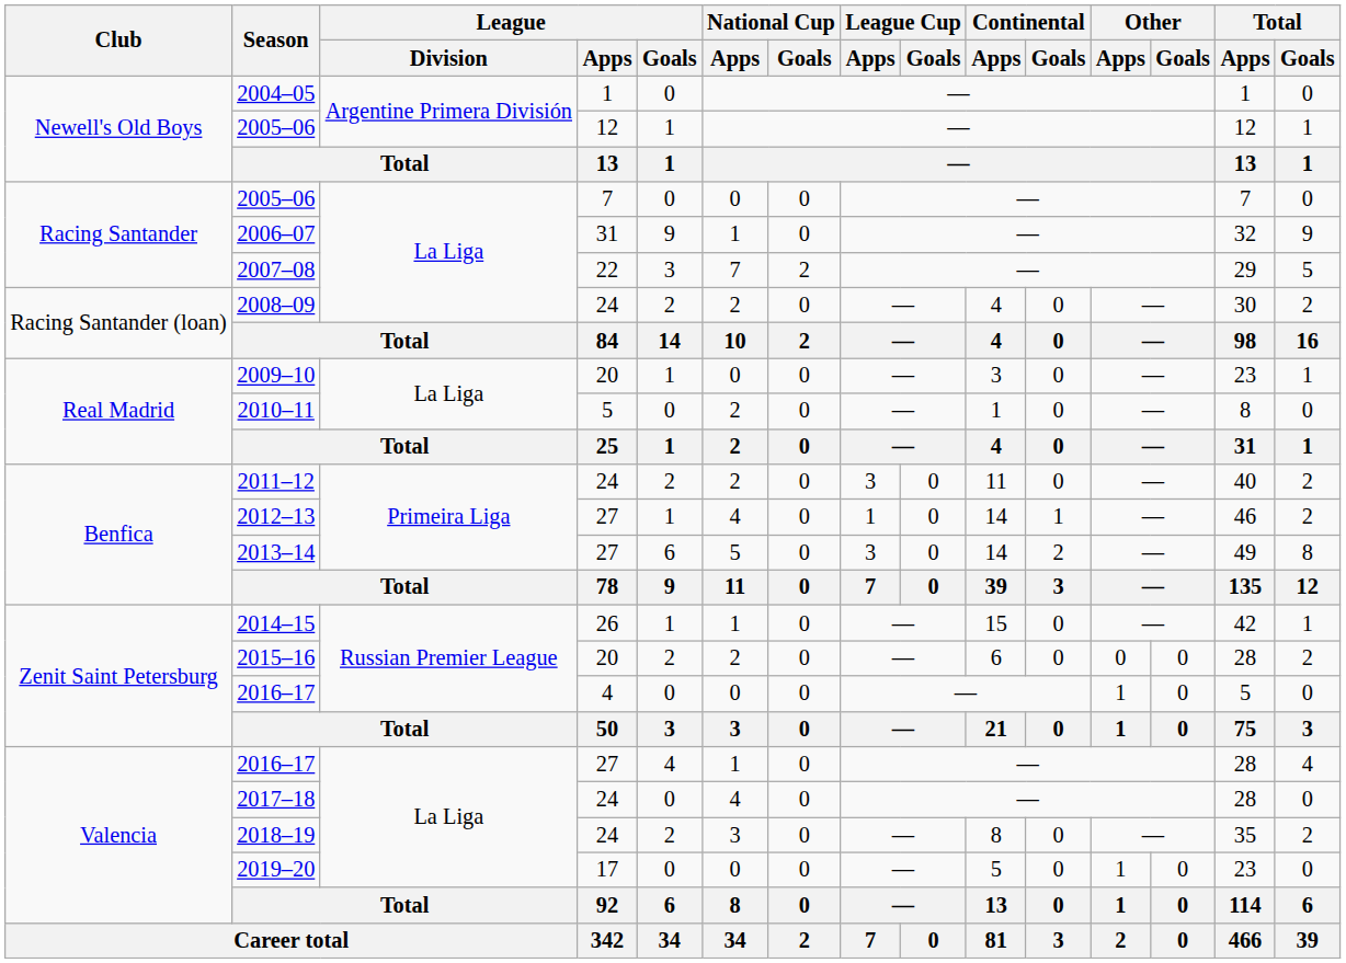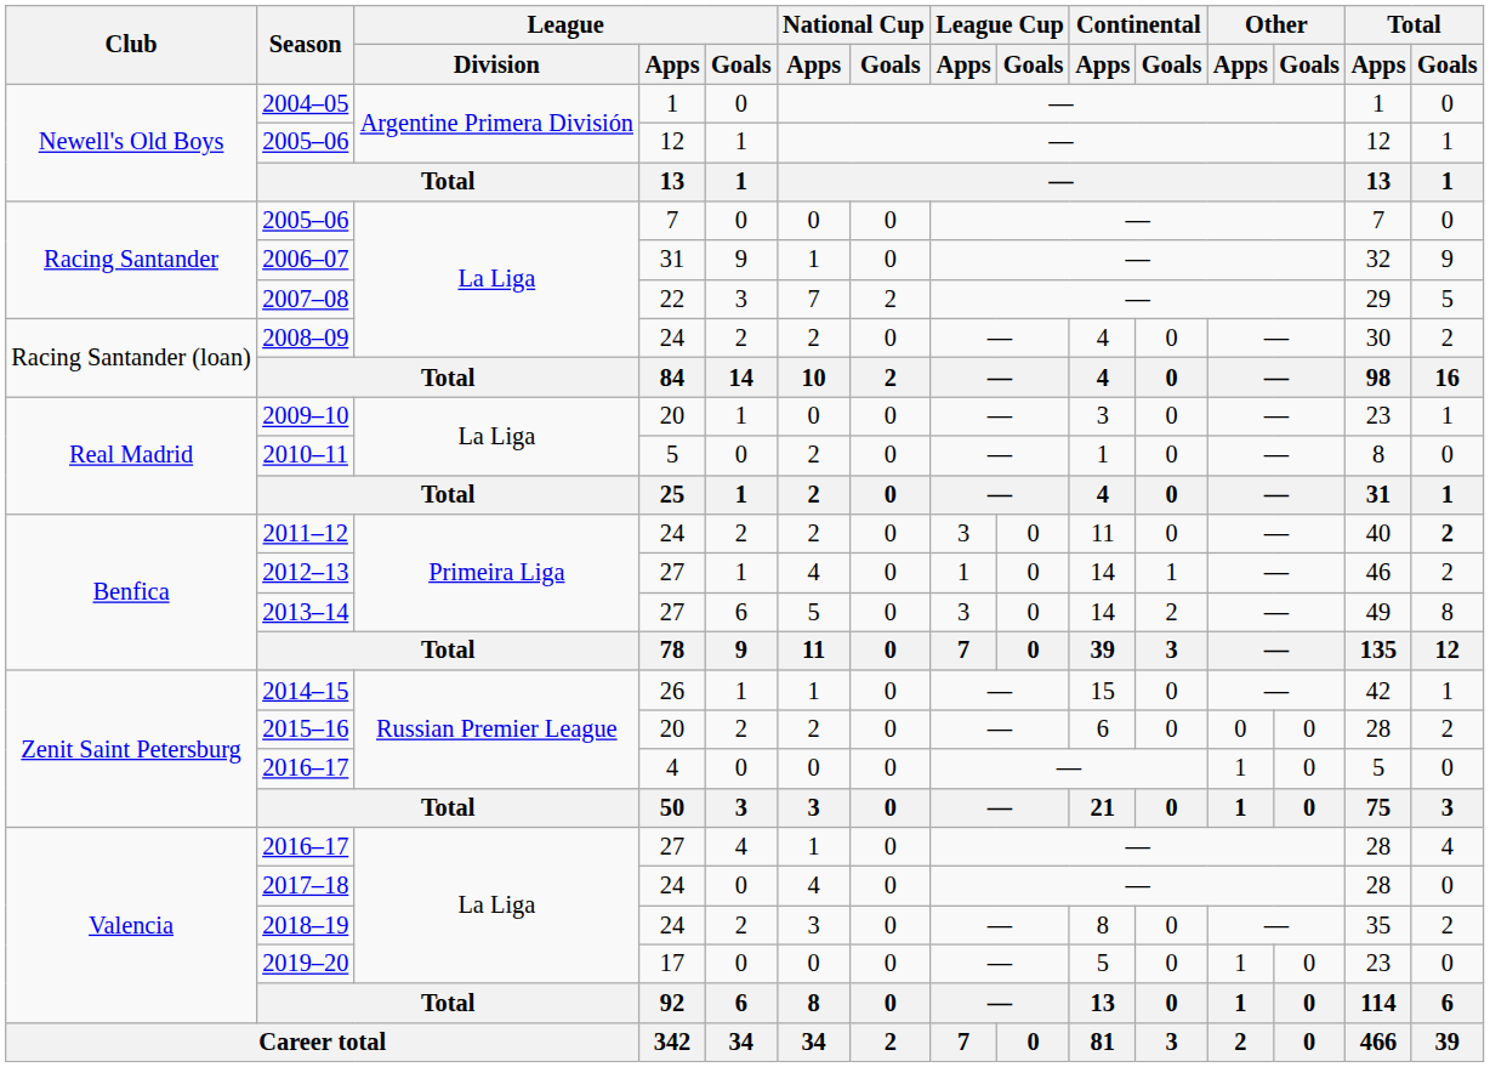 <table class="wikitable" style="text-align:center">
 <tr>
 <th rowspan="2">Club</th>
 <th rowspan="2">Season</th>
 <th colspan="3">League</th>
 <th colspan="2">National Cup</th>
 <th colspan="2">League Cup</th>
 <th colspan="2">Continental</th>
 <th colspan="2">Other</th>
 <th colspan="2">Total</th>
 </tr>
 <tr>
 <th>Division</th>
 <th>Apps</th>
 <th>Goals</th>
 <th>Apps</th>
 <th>Goals</th>
 <th>Apps</th>
 <th>Goals</th>
 <th>Apps</th>
 <th>Goals</th>
 <th>Apps</th>
 <th>Goals</th>
 <th>Apps</th>
 <th>Goals</th>
 </tr>
 <tr>
 <td rowspan="3"><a href='#'>Newell's Old Boys</a></td>
 <td><a href='#'>2004–05</a></td>
 <td rowspan="2"><a href='#'>Argentine Primera División</a></td>
 <td>1</td>
 <td>0</td>
 <td colspan="8">—</td>
 <td>1</td>
 <td>0</td>
 </tr>
 <tr>
 <td><a href='#'>2005–06</a></td>
 <td>12</td>
 <td>1</td>
 <td colspan="8">—</td>
 <td>12</td>
 <td>1</td>
 </tr>
 <tr>
 <th colspan="2">Total</th>
 <th>13</th>
 <th>1</th>
 <th colspan="8">—</th>
 <th>13</th>
 <th>1</th>
 </tr>
 <tr>
 <td rowspan="3"><a href='#'>Racing Santander</a></td>
 <td><a href='#'>2005–06</a></td>
 <td rowspan="4"><a href='#'>La Liga</a></td>
 <td>7</td>
 <td>0</td>
 <td>0</td>
 <td>0</td>
 <td colspan="6">—</td>
 <td>7</td>
 <td>0</td>
 </tr>
 <tr>
 <td><a href='#'>2006–07</a></td>
 <td>31</td>
 <td>9</td>
 <td>1</td>
 <td>0</td>
 <td colspan="6">—</td>
 <td>32</td>
 <td>9</td>
 </tr>
 <tr>
 <td><a href='#'>2007–08</a></td>
 <td>22</td>
 <td>3</td>
 <td>7</td>
 <td>2</td>
 <td colspan="6">—</td>
 <td>29</td>
 <td>5</td>
 </tr>
 <tr>
 <td rowspan="2">Racing Santander (loan)</td>
 <td><a href='#'>2008–09</a></td>
 <td>24</td>
 <td>2</td>
 <td>2</td>
 <td>0</td>
 <td colspan="2">—</td>
 <td>4</td>
 <td>0</td>
 <td colspan="2">—</td>
 <td>30</td>
 <td>2</td>
 </tr>
 <tr>
 <th colspan="2">Total</th>
 <th>84</th>
 <th>14</th>
 <th>10</th>
 <th>2</th>
 <th colspan="2">—</th>
 <th>4</th>
 <th>0</th>
 <th colspan="2">—</th>
 <th>98</th>
 <th>16</th>
 </tr>
 <tr>
 <td rowspan="3"><a href='#'>Real Madrid</a></td>
 <td><a href='#'>2009–10</a></td>
 <td rowspan="2">La Liga</td>
 <td>20</td>
 <td>1</td>
 <td>0</td>
 <td>0</td>
 <td colspan="2">—</td>
 <td>3</td>
 <td>0</td>
 <td colspan="2">—</td>
 <td>23</td>
 <td>1</td>
 </tr>
 <tr>
 <td><a href='#'>2010–11</a></td>
 <td>5</td>
 <td>0</td>
 <td>2</td>
 <td>0</td>
 <td colspan="2">—</td>
 <td>1</td>
 <td>0</td>
 <td colspan="2">—</td>
 <td>8</td>
 <td>0</td>
 </tr>
 <tr>
 <th colspan="2">Total</th>
 <th>25</th>
 <th>1</th>
 <th>2</th>
 <th>0</th>
 <th colspan="2">—</th>
 <th>4</th>
 <th>0</th>
 <th colspan="2">—</th>
 <th>31</th>
 <th>1</th>
 </tr>
 <tr>
 <td rowspan="4"><a href='#'>Benfica</a></td>
 <td><a href='#'>2011–12</a></td>
 <td rowspan="3"><a href='#'>Primeira Liga</a></td>
 <td>24</td>
 <td>2</td>
 <td>2</td>
 <td>0</td>
 <td>3</td>
 <td>0</td>
 <td>11</td>
 <td>0</td>
 <td colspan="2">—</td>
 <td>40</td>
-<td>2</td>
+<td><strong>2</strong></td>
 </tr>
 <tr>
 <td><a href='#'>2012–13</a></td>
 <td>27</td>
 <td>1</td>
 <td>4</td>
 <td>0</td>
 <td>1</td>
 <td>0</td>
 <td>14</td>
 <td>1</td>
 <td colspan="2">—</td>
 <td>46</td>
 <td>2</td>
 </tr>
 <tr>
 <td><a href='#'>2013–14</a></td>
 <td>27</td>
 <td>6</td>
 <td>5</td>
 <td>0</td>
 <td>3</td>
 <td>0</td>
 <td>14</td>
 <td>2</td>
 <td colspan="2">—</td>
 <td>49</td>
 <td>8</td>
 </tr>
 <tr>
 <th colspan="2">Total</th>
 <th>78</th>
 <th>9</th>
 <th>11</th>
 <th>0</th>
 <th>7</th>
 <th>0</th>
 <th>39</th>
 <th>3</th>
 <th colspan="2">—</th>
 <th>135</th>
 <th>12</th>
 </tr>
 <tr>
 <td rowspan="4"><a href='#'>Zenit Saint Petersburg</a></td>
 <td><a href='#'>2014–15</a></td>
 <td rowspan="3"><a href='#'>Russian Premier League</a></td>
 <td>26</td>
 <td>1</td>
 <td>1</td>
 <td>0</td>
 <td colspan="2">—</td>
 <td>15</td>
 <td>0</td>
 <td colspan="2">—</td>
 <td>42</td>
 <td>1</td>
 </tr>
 <tr>
 <td><a href='#'>2015–16</a></td>
 <td>20</td>
 <td>2</td>
 <td>2</td>
 <td>0</td>
 <td colspan="2">—</td>
 <td>6</td>
 <td>0</td>
 <td>0</td>
 <td>0</td>
 <td>28</td>
 <td>2</td>
 </tr>
 <tr>
 <td><a href='#'>2016–17</a></td>
 <td>4</td>
 <td>0</td>
 <td>0</td>
 <td>0</td>
 <td colspan="4">—</td>
 <td>1</td>
 <td>0</td>
 <td>5</td>
 <td>0</td>
 </tr>
 <tr>
 <th colspan="2">Total</th>
 <th>50</th>
 <th>3</th>
 <th>3</th>
 <th>0</th>
 <th colspan="2">—</th>
 <th>21</th>
 <th>0</th>
 <th>1</th>
 <th>0</th>
 <th>75</th>
 <th>3</th>
 </tr>
 <tr>
 <td rowspan="5"><a href='#'>Valencia</a></td>
 <td><a href='#'>2016–17</a></td>
 <td rowspan="4">La Liga</td>
 <td>27</td>
 <td>4</td>
 <td>1</td>
 <td>0</td>
 <td colspan="6">—</td>
 <td>28</td>
 <td>4</td>
 </tr>
 <tr>
 <td><a href='#'>2017–18</a></td>
 <td>24</td>
 <td>0</td>
 <td>4</td>
 <td>0</td>
 <td colspan="6">—</td>
 <td>28</td>
 <td>0</td>
 </tr>
 <tr>
 <td><a href='#'>2018–19</a></td>
 <td>24</td>
 <td>2</td>
 <td>3</td>
 <td>0</td>
 <td colspan="2">—</td>
 <td>8</td>
 <td>0</td>
 <td colspan="2">—</td>
 <td>35</td>
 <td>2</td>
 </tr>
 <tr>
 <td><a href='#'>2019–20</a></td>
 <td>17</td>
 <td>0</td>
 <td>0</td>
 <td>0</td>
 <td colspan="2">—</td>
 <td>5</td>
 <td>0</td>
 <td>1</td>
 <td>0</td>
 <td>23</td>
 <td>0</td>
 </tr>
 <tr>
 <th colspan="2">Total</th>
 <th>92</th>
 <th>6</th>
 <th>8</th>
 <th>0</th>
 <th colspan="2">—</th>
 <th>13</th>
 <th>0</th>
 <th>1</th>
 <th>0</th>
 <th>114</th>
 <th>6</th>
 </tr>
 <tr>
 <th colspan="3">Career total</th>
 <th>342</th>
 <th>34</th>
 <th>34</th>
 <th>2</th>
 <th>7</th>
 <th>0</th>
 <th>81</th>
 <th>3</th>
 <th>2</th>
 <th>0</th>
 <th>466</th>
 <th>39</th>
 </tr>
 </table>
